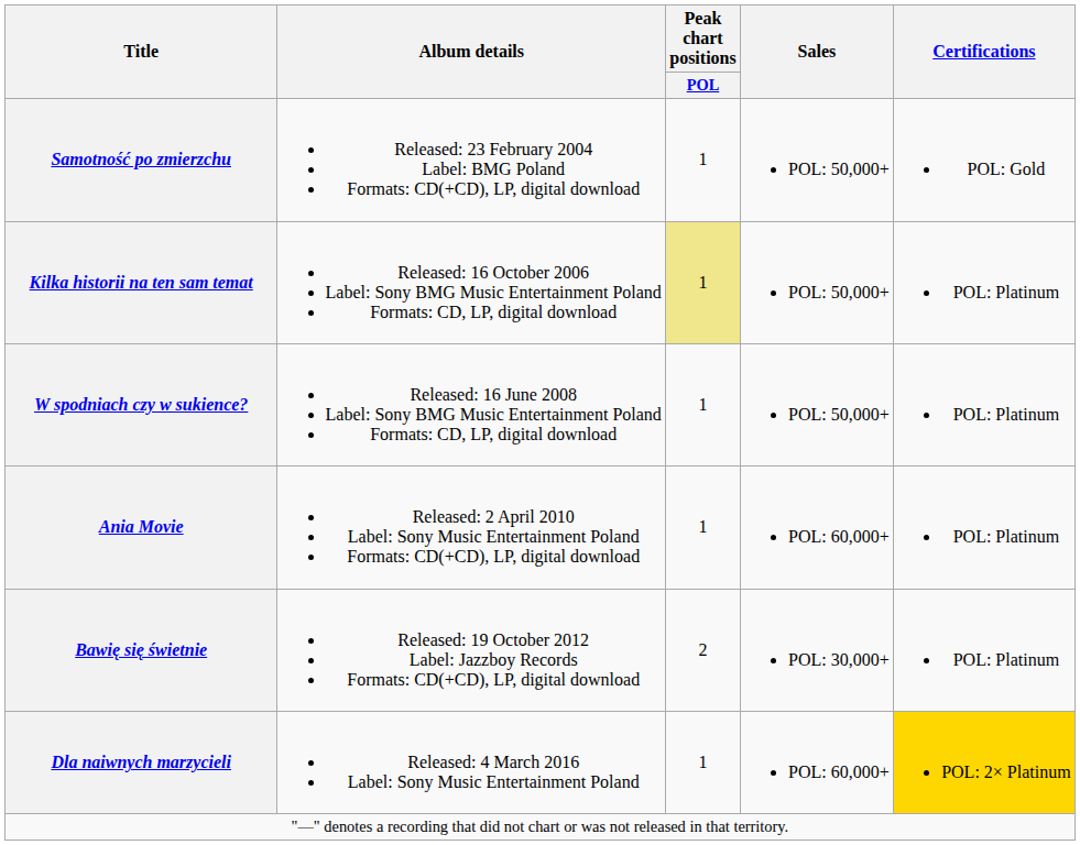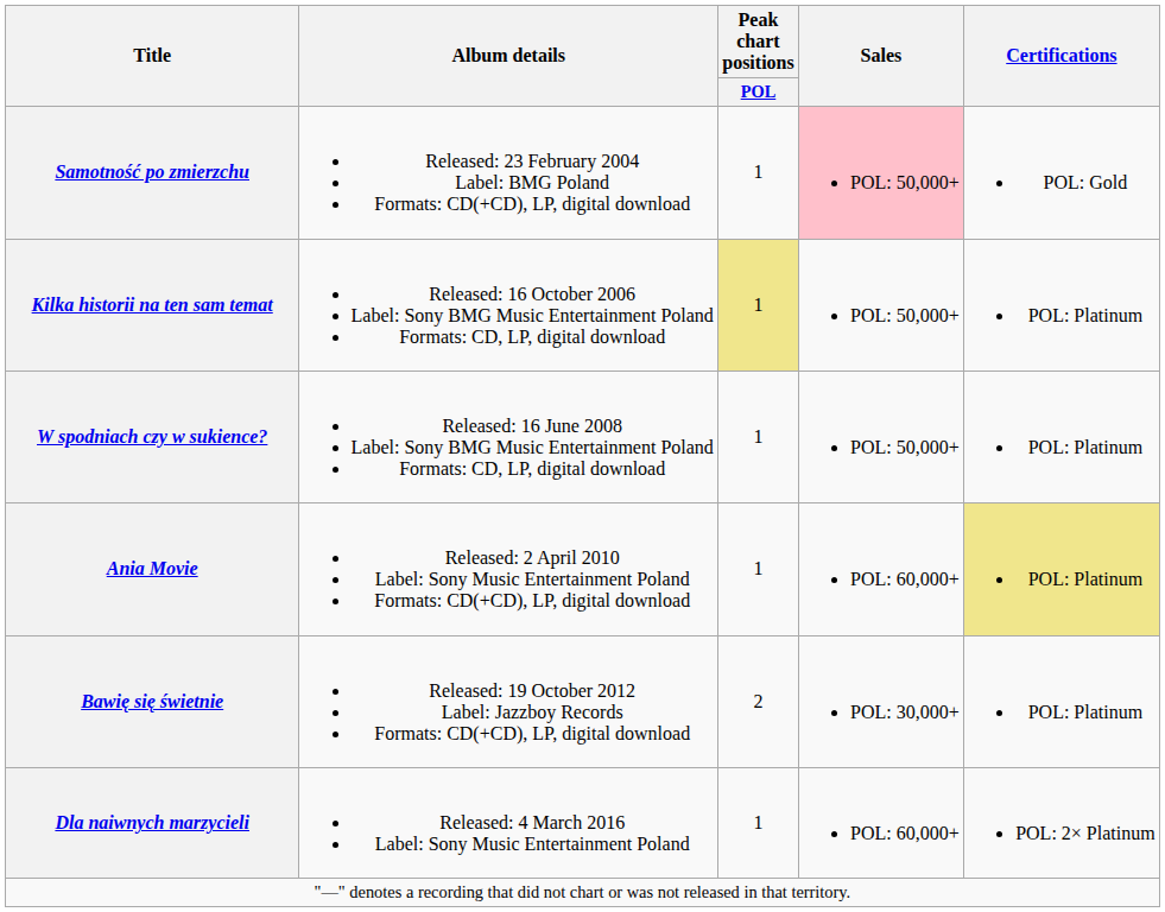 <table class="wikitable plainrowheaders" style="text-align:center;">
 <tr>
 <th scope="col" rowspan="2" style="width:15em;">Title</th>
 <th scope="col" rowspan="2">Album details</th>
 <th scope="col" colspan="1">Peak chart positions</th>
 <th scope="col" rowspan="2">Sales</th>
 <th scope="col" rowspan="2"><a href='#'>Certifications</a></th>
 </tr>
 <tr>
 <th scope="col" style="width:3em;font-size:90%;"><a href='#'>POL</a></th>
 </tr>
 <tr>
 <th scope="row"><em><a href='#'>Samotność po zmierzchu</a></em></th>
 <td><br><ul><li>Released: 23 February 2004</li><li>Label: BMG Poland</li><li>Formats: CD(+CD), LP, digital download</li></ul></td>
 <td>1</td>
-<td><br><ul><li>POL: 50,000+</li></ul></td>
+<td style="background: pink;"><br><ul><li>POL: 50,000+</li></ul></td>
 <td><br><ul><li>POL: Gold</li></ul></td>
 </tr>
 <tr>
 <th scope="row"><em><a href='#'>Kilka historii na ten sam temat</a></em></th>
 <td><br><ul><li>Released: 16 October 2006</li><li>Label: Sony BMG Music Entertainment Poland</li><li>Formats: CD, LP, digital download</li></ul></td>
 <td style="background: khaki;">1</td>
 <td><br><ul><li>POL: 50,000+</li></ul></td>
 <td><br><ul><li>POL: Platinum</li></ul></td>
 </tr>
 <tr>
 <th scope="row"><em><a href='#'>W spodniach czy w sukience?</a></em></th>
 <td><br><ul><li>Released: 16 June 2008</li><li>Label: Sony BMG Music Entertainment Poland</li><li>Formats: CD, LP, digital download</li></ul></td>
 <td>1</td>
 <td><br><ul><li>POL: 50,000+</li></ul></td>
 <td><br><ul><li>POL: Platinum</li></ul></td>
 </tr>
 <tr>
 <th scope="row"><em><a href='#'>Ania Movie</a></em></th>
 <td><br><ul><li>Released: 2 April 2010</li><li>Label: Sony Music Entertainment Poland</li><li>Formats: CD(+CD), LP, digital download</li></ul></td>
 <td>1</td>
 <td><br><ul><li>POL: 60,000+</li></ul></td>
-<td><br><ul><li>POL: Platinum</li></ul></td>
+<td style="background: khaki;"><br><ul><li>POL: Platinum</li></ul></td>
 </tr>
 <tr>
 <th scope="row"><em><a href='#'>Bawię się świetnie</a></em></th>
 <td><br><ul><li>Released: 19 October 2012</li><li>Label: Jazzboy Records</li><li>Formats: CD(+CD), LP, digital download</li></ul></td>
 <td>2</td>
 <td><br><ul><li>POL: 30,000+</li></ul></td>
 <td><br><ul><li>POL: Platinum</li></ul></td>
 </tr>
 <tr>
 <th scope="row"><em><a href='#'>Dla naiwnych marzycieli</a></em></th>
 <td><br><ul><li>Released: 4 March 2016</li><li>Label: Sony Music Entertainment Poland</li></ul></td>
 <td>1</td>
 <td><br><ul><li>POL: 60,000+</li></ul></td>
-<td style="background: gold;"><br><ul><li>POL: 2× Platinum</li></ul></td>
+<td><br><ul><li>POL: 2× Platinum</li></ul></td>
 </tr>
 <tr>
 <td colspan="5" style="font-size:90%">"—" denotes a recording that did not chart or was not released in that territory.</td>
 </tr>
 </table>
